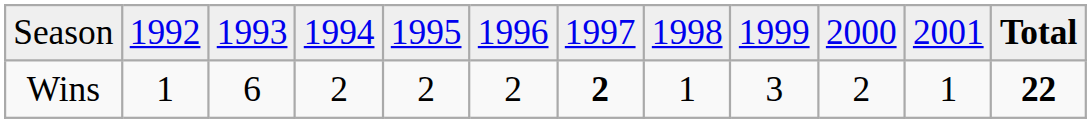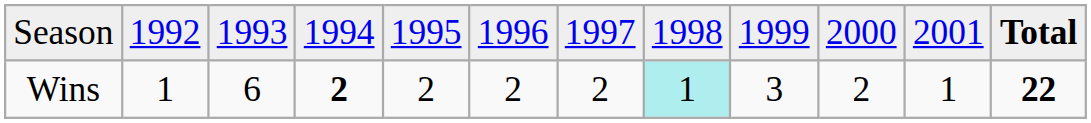 <table class="wikitable">
 <tr bgcolor=efefef>
 <td>Season</td>
 <td><a href='#'>1992</a></td>
 <td><a href='#'>1993</a></td>
 <td><a href='#'>1994</a></td>
 <td><a href='#'>1995</a></td>
 <td><a href='#'>1996</a></td>
 <td><a href='#'>1997</a></td>
 <td><a href='#'>1998</a></td>
 <td><a href='#'>1999</a></td>
 <td><a href='#'>2000</a></td>
 <td><a href='#'>2001</a></td>
 <td><strong>Total</strong></td>
 </tr>
 <tr align=center>
 <td>Wins</td>
 <td>1</td>
 <td>6</td>
+<td><strong>2</strong></td>
 <td>2</td>
 <td>2</td>
 <td>2</td>
-<td><strong>2</strong></td>
-<td>1</td>
+<td style="background: paleturquoise;">1</td>
 <td>3</td>
 <td>2</td>
 <td>1</td>
 <td><strong>22</strong></td>
 </tr>
 </table>
